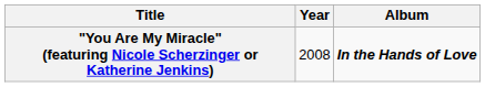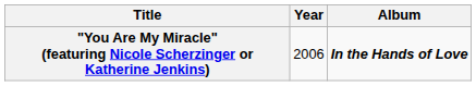 <table class="wikitable plainrowheaders" style="text-align:center;">
 <tr>
 <th scope="col" style="width:20em;">Title</th>
 <th scope="col" style="width:1em;">Year</th>
 <th scope="col">Album</th>
 </tr>
 <tr>
 <th scope="row">"You Are My Miracle"<br><span>(featuring <a href='#'>Nicole Scherzinger</a> or <a href='#'>Katherine Jenkins</a>)</span></th>
-<td>2008</td>
+<td>2006</td>
 <td><strong><em>In the Hands of Love</em></strong></td>
 </tr>
 </table>
